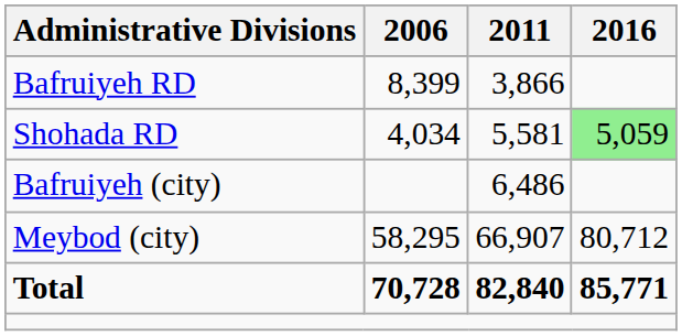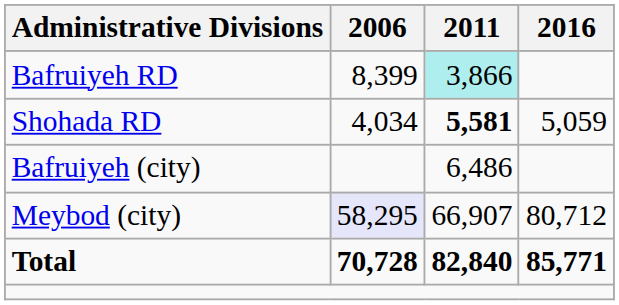 <table class="wikitable">
 <tr>
 <th>Administrative Divisions</th>
 <th>2006</th>
 <th>2011</th>
 <th>2016</th>
 </tr>
 <tr>
 <td><a href='#'>Bafruiyeh RD</a></td>
 <td style="text-align: right;">8,399</td>
-<td style="text-align: right;">3,866</td>
+<td style="background: paleturquoise; text-align: right;">3,866</td>
 <td style="text-align: right;"></td>
 </tr>
 <tr>
 <td><a href='#'>Shohada RD</a></td>
 <td style="text-align: right;">4,034</td>
-<td style="text-align: right;">5,581</td>
-<td style="background: lightgreen; text-align: right;">5,059</td>
+<td style="text-align: right;"><strong>5,581</strong></td>
+<td style="text-align: right;">5,059</td>
 </tr>
 <tr>
 <td><a href='#'>Bafruiyeh</a> (city)</td>
 <td style="text-align: right;"></td>
 <td style="text-align: right;">6,486</td>
 <td style="text-align: right;"></td>
 </tr>
 <tr>
 <td><a href='#'>Meybod</a> (city)</td>
-<td style="text-align: right;">58,295</td>
+<td style="background: lavender; text-align: right;">58,295</td>
 <td style="text-align: right;">66,907</td>
 <td style="text-align: right;">80,712</td>
 </tr>
 <tr>
 <td><strong>Total</strong></td>
 <td style="text-align: right;"><strong>70,728</strong></td>
 <td style="text-align: right;"><strong>82,840</strong></td>
 <td style="text-align: right;"><strong>85,771</strong></td>
 </tr>
 <tr>
 <td colspan=4></td>
 </tr>
 </table>
